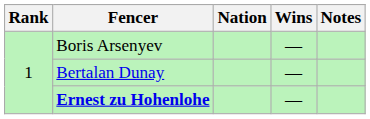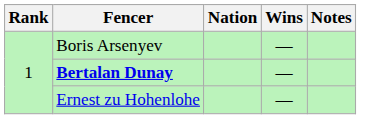 <table class="wikitable sortable" style="text-align:center">
 <tr>
 <th>Rank</th>
 <th>Fencer</th>
 <th>Nation</th>
 <th>Wins</th>
 <th>Notes</th>
 </tr>
 <tr bgcolor=bbf3bb>
 <td rowspan=3>1</td>
 <td align=left>Boris Arsenyev</td>
 <td align=left></td>
 <td>—</td>
 <td></td>
 </tr>
 <tr bgcolor=bbf3bb>
-<td align=left><a href='#'>Bertalan Dunay</a></td>
+<td align=left><strong><a href='#'>Bertalan Dunay</a></strong></td>
 <td align=left></td>
 <td>—</td>
 <td></td>
 </tr>
 <tr bgcolor=bbf3bb>
-<td align=left><strong><a href='#'>Ernest zu Hohenlohe</a></strong></td>
+<td align=left><a href='#'>Ernest zu Hohenlohe</a></td>
 <td align=left></td>
 <td>—</td>
 <td></td>
 </tr>
 </table>
